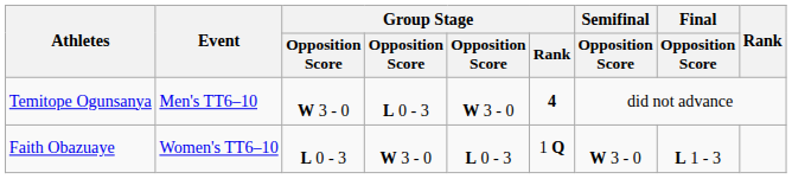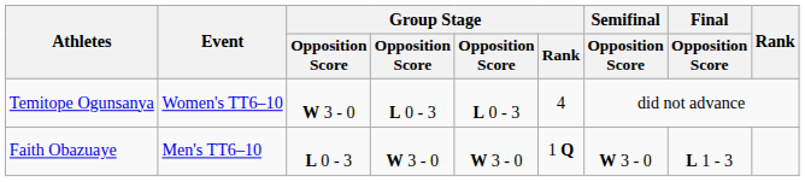 <table class="wikitable" style="font-size:90%">
 <tr>
 <th rowspan=2>Athletes</th>
 <th rowspan=2>Event</th>
 <th colspan=4>Group Stage</th>
 <th>Semifinal</th>
 <th>Final</th>
 <th rowspan=2>Rank</th>
 </tr>
 <tr style="font-size:95%">
 <th>Opposition<br>Score</th>
 <th>Opposition<br>Score</th>
 <th>Opposition<br>Score</th>
 <th>Rank</th>
 <th>Opposition<br>Score</th>
 <th>Opposition<br>Score</th>
 </tr>
 <tr align=center>
 <td align=left><a href='#'>Temitope Ogunsanya</a></td>
-<td align=left><a href='#'>Men's TT6–10</a></td>
+<td align=left><a href='#'>Women's TT6–10</a></td>
 <td><br><strong>W</strong> 3 - 0</td>
 <td><br><strong>L</strong> 0 - 3</td>
-<td><br><strong>W</strong> 3 - 0</td>
-<td><strong>4</strong></td>
+<td><br><strong>L</strong> 0 - 3</td>
+<td>4</td>
 <td colspan=3>did not advance</td>
 </tr>
 <tr align=center>
 <td align=left><a href='#'>Faith Obazuaye</a></td>
-<td align=left><a href='#'>Women's TT6–10</a></td>
+<td align=left><a href='#'>Men's TT6–10</a></td>
 <td><br><strong>L</strong> 0 - 3</td>
 <td><br><strong>W</strong> 3 - 0</td>
-<td><br><strong>L</strong> 0 - 3</td>
+<td><br><strong>W</strong> 3 - 0</td>
 <td>1 <strong>Q</strong></td>
 <td><br><strong>W</strong> 3 - 0</td>
 <td><br><strong>L</strong> 1 - 3</td>
 <td></td>
 </tr>
 </table>
